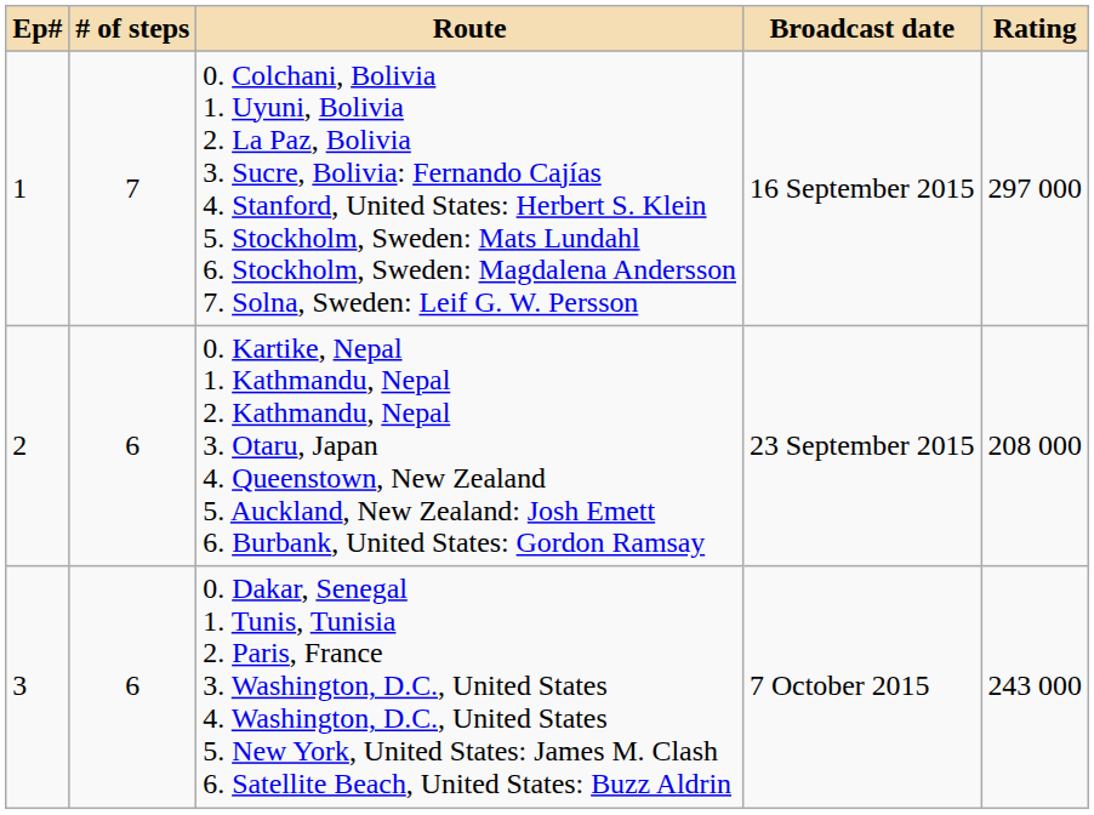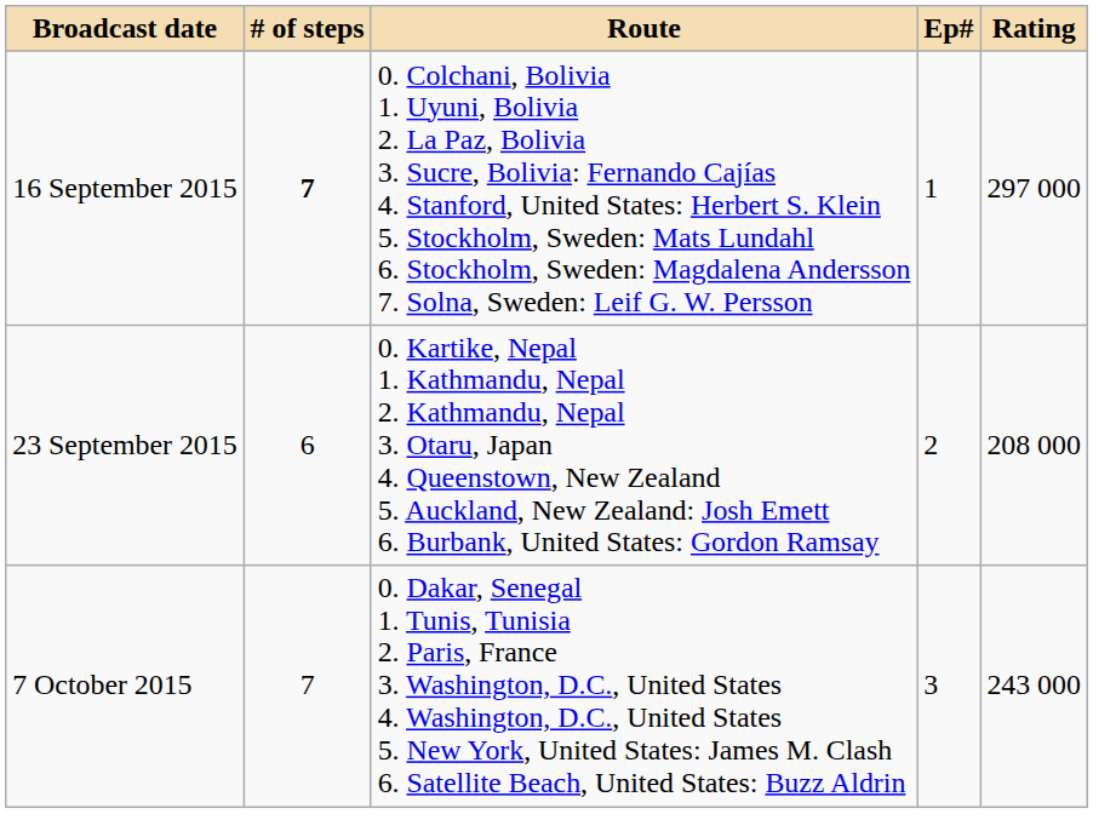 <table class="wikitable">
 <tr>
-<th style="background:wheat;">Ep#</th>
+<th style="background:wheat;">Broadcast date</th>
 <th style="background:wheat;"># of steps</th>
 <th style="background:wheat;">Route</th>
-<th style="background:wheat;">Broadcast date</th>
+<th style="background:wheat;">Ep#</th>
 <th style="background:wheat;">Rating</th>
 </tr>
 <tr>
+<td>16 September 2015</td>
+<td align=center><strong>7</strong></td>
+<td>0. <a href='#'>Colchani</a>, <a href='#'>Bolivia</a> <br> 1. <a href='#'>Uyuni</a>, <a href='#'>Bolivia</a> <br> 2. <a href='#'>La Paz</a>, <a href='#'>Bolivia</a>  <br> 3. <a href='#'>Sucre</a>, <a href='#'>Bolivia</a>: <a href='#'>Fernando Cajías</a>  <br> 4. <a href='#'>Stanford</a>, United States: <a href='#'>Herbert S. Klein</a> <br> 5. <a href='#'>Stockholm</a>, Sweden: <a href='#'>Mats Lundahl</a> <br> 6. <a href='#'>Stockholm</a>, Sweden: <a href='#'>Magdalena Andersson</a> <br> 7. <a href='#'>Solna</a>, Sweden: <a href='#'>Leif G. W. Persson</a></td>
 <td>1</td>
-<td align=center>7</td>
-<td>0. <a href='#'>Colchani</a>, <a href='#'>Bolivia</a> <br> 1. <a href='#'>Uyuni</a>, <a href='#'>Bolivia</a> <br> 2. <a href='#'>La Paz</a>, <a href='#'>Bolivia</a>  <br> 3. <a href='#'>Sucre</a>, <a href='#'>Bolivia</a>: <a href='#'>Fernando Cajías</a>  <br> 4. <a href='#'>Stanford</a>, United States: <a href='#'>Herbert S. Klein</a> <br> 5. <a href='#'>Stockholm</a>, Sweden: <a href='#'>Mats Lundahl</a> <br> 6. <a href='#'>Stockholm</a>, Sweden: <a href='#'>Magdalena Andersson</a> <br> 7. <a href='#'>Solna</a>, Sweden: <a href='#'>Leif G. W. Persson</a></td>
-<td>16 September 2015</td>
 <td>297 000</td>
 </tr>
 <tr>
-<td>2</td>
+<td>23 September 2015</td>
 <td align=center>6</td>
 <td>0. <a href='#'>Kartike</a>, <a href='#'>Nepal</a> <br> 1. <a href='#'>Kathmandu</a>, <a href='#'>Nepal</a> <br> 2. <a href='#'>Kathmandu</a>, <a href='#'>Nepal</a> <br> 3. <a href='#'>Otaru</a>, Japan <br> 4. <a href='#'>Queenstown</a>, New Zealand <br> 5. <a href='#'>Auckland</a>, New Zealand: <a href='#'>Josh Emett</a> <br> 6. <a href='#'>Burbank</a>, United States: <a href='#'>Gordon Ramsay</a></td>
-<td>23 September 2015</td>
+<td>2</td>
 <td>208 000</td>
 </tr>
 <tr>
+<td>7 October 2015</td>
+<td align=center>7</td>
+<td>0. <a href='#'>Dakar</a>, <a href='#'>Senegal</a> <br> 1. <a href='#'>Tunis</a>, <a href='#'>Tunisia</a> <br> 2.  <a href='#'>Paris</a>, France <br> 3. <a href='#'>Washington, D.C.</a>, United States <br> 4. <a href='#'>Washington, D.C.</a>, United States <br> 5.  <a href='#'>New York</a>, United States: James M. Clash <br> 6. <a href='#'>Satellite Beach</a>, United States: <a href='#'>Buzz Aldrin</a></td>
 <td>3</td>
-<td align=center>6</td>
-<td>0. <a href='#'>Dakar</a>, <a href='#'>Senegal</a> <br> 1. <a href='#'>Tunis</a>, <a href='#'>Tunisia</a> <br> 2.  <a href='#'>Paris</a>, France <br> 3. <a href='#'>Washington, D.C.</a>, United States <br> 4. <a href='#'>Washington, D.C.</a>, United States <br> 5.  <a href='#'>New York</a>, United States: James M. Clash <br> 6. <a href='#'>Satellite Beach</a>, United States: <a href='#'>Buzz Aldrin</a></td>
-<td>7 October 2015</td>
 <td>243 000</td>
 </tr>
 </table>
